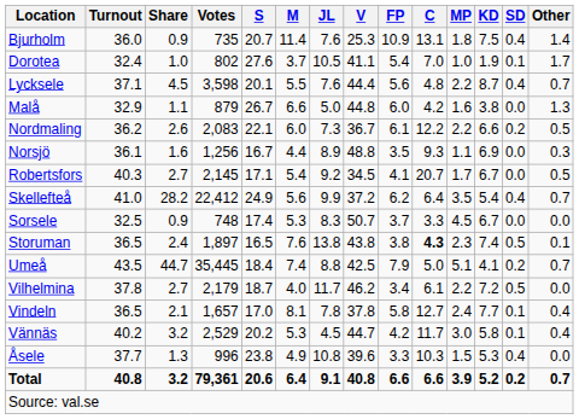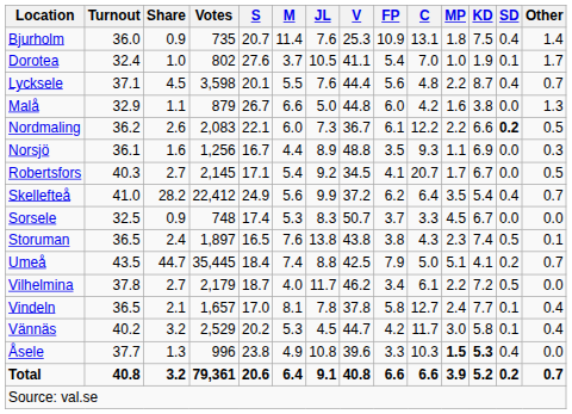 <table class="wikitable sortable" style=text-align:right>
 <tr>
 <th>Location</th>
 <th>Turnout</th>
 <th>Share</th>
 <th>Votes</th>
 <th><a href='#'>S</a></th>
 <th><a href='#'>M</a></th>
 <th><a href='#'>JL</a></th>
 <th><a href='#'>V</a></th>
 <th><a href='#'>FP</a></th>
 <th><a href='#'>C</a></th>
 <th><a href='#'>MP</a></th>
 <th><a href='#'>KD</a></th>
 <th><a href='#'>SD</a></th>
 <th>Other</th>
 </tr>
 <tr>
 <td align=left><a href='#'>Bjurholm</a></td>
 <td>36.0</td>
 <td>0.9</td>
 <td>735</td>
 <td>20.7</td>
 <td>11.4</td>
 <td>7.6</td>
 <td>25.3</td>
 <td>10.9</td>
 <td>13.1</td>
 <td>1.8</td>
 <td>7.5</td>
 <td>0.4</td>
 <td>1.4</td>
 </tr>
 <tr>
 <td align=left><a href='#'>Dorotea</a></td>
 <td>32.4</td>
 <td>1.0</td>
 <td>802</td>
 <td>27.6</td>
 <td>3.7</td>
 <td>10.5</td>
 <td>41.1</td>
 <td>5.4</td>
 <td>7.0</td>
 <td>1.0</td>
 <td>1.9</td>
 <td>0.1</td>
 <td>1.7</td>
 </tr>
 <tr>
 <td align=left><a href='#'>Lycksele</a></td>
 <td>37.1</td>
 <td>4.5</td>
 <td>3,598</td>
 <td>20.1</td>
 <td>5.5</td>
 <td>7.6</td>
 <td>44.4</td>
 <td>5.6</td>
 <td>4.8</td>
 <td>2.2</td>
 <td>8.7</td>
 <td>0.4</td>
 <td>0.7</td>
 </tr>
 <tr>
 <td align=left><a href='#'>Malå</a></td>
 <td>32.9</td>
 <td>1.1</td>
 <td>879</td>
 <td>26.7</td>
 <td>6.6</td>
 <td>5.0</td>
 <td>44.8</td>
 <td>6.0</td>
 <td>4.2</td>
 <td>1.6</td>
 <td>3.8</td>
 <td>0.0</td>
 <td>1.3</td>
 </tr>
 <tr>
 <td align=left><a href='#'>Nordmaling</a></td>
 <td>36.2</td>
 <td>2.6</td>
 <td>2,083</td>
 <td>22.1</td>
 <td>6.0</td>
 <td>7.3</td>
 <td>36.7</td>
 <td>6.1</td>
 <td>12.2</td>
 <td>2.2</td>
 <td>6.6</td>
-<td>0.2</td>
+<td><strong>0.2</strong></td>
 <td>0.5</td>
 </tr>
 <tr>
 <td align=left><a href='#'>Norsjö</a></td>
 <td>36.1</td>
 <td>1.6</td>
 <td>1,256</td>
 <td>16.7</td>
 <td>4.4</td>
 <td>8.9</td>
 <td>48.8</td>
 <td>3.5</td>
 <td>9.3</td>
 <td>1.1</td>
 <td>6.9</td>
 <td>0.0</td>
 <td>0.3</td>
 </tr>
 <tr>
 <td align=left><a href='#'>Robertsfors</a></td>
 <td>40.3</td>
 <td>2.7</td>
 <td>2,145</td>
 <td>17.1</td>
 <td>5.4</td>
 <td>9.2</td>
 <td>34.5</td>
 <td>4.1</td>
 <td>20.7</td>
 <td>1.7</td>
 <td>6.7</td>
 <td>0.0</td>
 <td>0.5</td>
 </tr>
 <tr>
 <td align=left><a href='#'>Skellefteå</a></td>
 <td>41.0</td>
 <td>28.2</td>
 <td>22,412</td>
 <td>24.9</td>
 <td>5.6</td>
 <td>9.9</td>
 <td>37.2</td>
 <td>6.2</td>
 <td>6.4</td>
 <td>3.5</td>
 <td>5.4</td>
 <td>0.4</td>
 <td>0.7</td>
 </tr>
 <tr>
 <td align=left><a href='#'>Sorsele</a></td>
 <td>32.5</td>
 <td>0.9</td>
 <td>748</td>
 <td>17.4</td>
 <td>5.3</td>
 <td>8.3</td>
 <td>50.7</td>
 <td>3.7</td>
 <td>3.3</td>
 <td>4.5</td>
 <td>6.7</td>
 <td>0.0</td>
 <td>0.0</td>
 </tr>
 <tr>
 <td align=left><a href='#'>Storuman</a></td>
 <td>36.5</td>
 <td>2.4</td>
 <td>1,897</td>
 <td>16.5</td>
 <td>7.6</td>
 <td>13.8</td>
 <td>43.8</td>
 <td>3.8</td>
-<td><strong>4.3</strong></td>
+<td>4.3</td>
 <td>2.3</td>
 <td>7.4</td>
 <td>0.5</td>
 <td>0.1</td>
 </tr>
 <tr>
 <td align=left><a href='#'>Umeå</a></td>
 <td>43.5</td>
 <td>44.7</td>
 <td>35,445</td>
 <td>18.4</td>
 <td>7.4</td>
 <td>8.8</td>
 <td>42.5</td>
 <td>7.9</td>
 <td>5.0</td>
 <td>5.1</td>
 <td>4.1</td>
 <td>0.2</td>
 <td>0.7</td>
 </tr>
 <tr>
 <td align=left><a href='#'>Vilhelmina</a></td>
 <td>37.8</td>
 <td>2.7</td>
 <td>2,179</td>
 <td>18.7</td>
 <td>4.0</td>
 <td>11.7</td>
 <td>46.2</td>
 <td>3.4</td>
 <td>6.1</td>
 <td>2.2</td>
 <td>7.2</td>
 <td>0.5</td>
 <td>0.0</td>
 </tr>
 <tr>
 <td align=left><a href='#'>Vindeln</a></td>
 <td>36.5</td>
 <td>2.1</td>
 <td>1,657</td>
 <td>17.0</td>
 <td>8.1</td>
 <td>7.8</td>
 <td>37.8</td>
 <td>5.8</td>
 <td>12.7</td>
 <td>2.4</td>
 <td>7.7</td>
 <td>0.1</td>
 <td>0.4</td>
 </tr>
 <tr>
 <td align=left><a href='#'>Vännäs</a></td>
 <td>40.2</td>
 <td>3.2</td>
 <td>2,529</td>
 <td>20.2</td>
 <td>5.3</td>
 <td>4.5</td>
 <td>44.7</td>
 <td>4.2</td>
 <td>11.7</td>
 <td>3.0</td>
 <td>5.8</td>
 <td>0.1</td>
 <td>0.4</td>
 </tr>
 <tr>
 <td align=left><a href='#'>Åsele</a></td>
 <td>37.7</td>
 <td>1.3</td>
 <td>996</td>
 <td>23.8</td>
 <td>4.9</td>
 <td>10.8</td>
 <td>39.6</td>
 <td>3.3</td>
 <td>10.3</td>
-<td>1.5</td>
-<td>5.3</td>
+<td><strong>1.5</strong></td>
+<td><strong>5.3</strong></td>
 <td>0.4</td>
 <td>0.0</td>
 </tr>
 <tr>
 <td align=left><strong>Total</strong></td>
 <td><strong>40.8</strong></td>
 <td><strong>3.2</strong></td>
 <td><strong>79,361</strong></td>
 <td><strong>20.6</strong></td>
 <td><strong>6.4</strong></td>
 <td><strong>9.1</strong></td>
 <td><strong>40.8</strong></td>
 <td><strong>6.6</strong></td>
 <td><strong>6.6</strong></td>
 <td><strong>3.9</strong></td>
 <td><strong>5.2</strong></td>
 <td><strong>0.2</strong></td>
 <td><strong>0.7</strong></td>
 </tr>
 <tr>
 <td align=left colspan=14>Source: val.se </td>
 </tr>
 </table>
